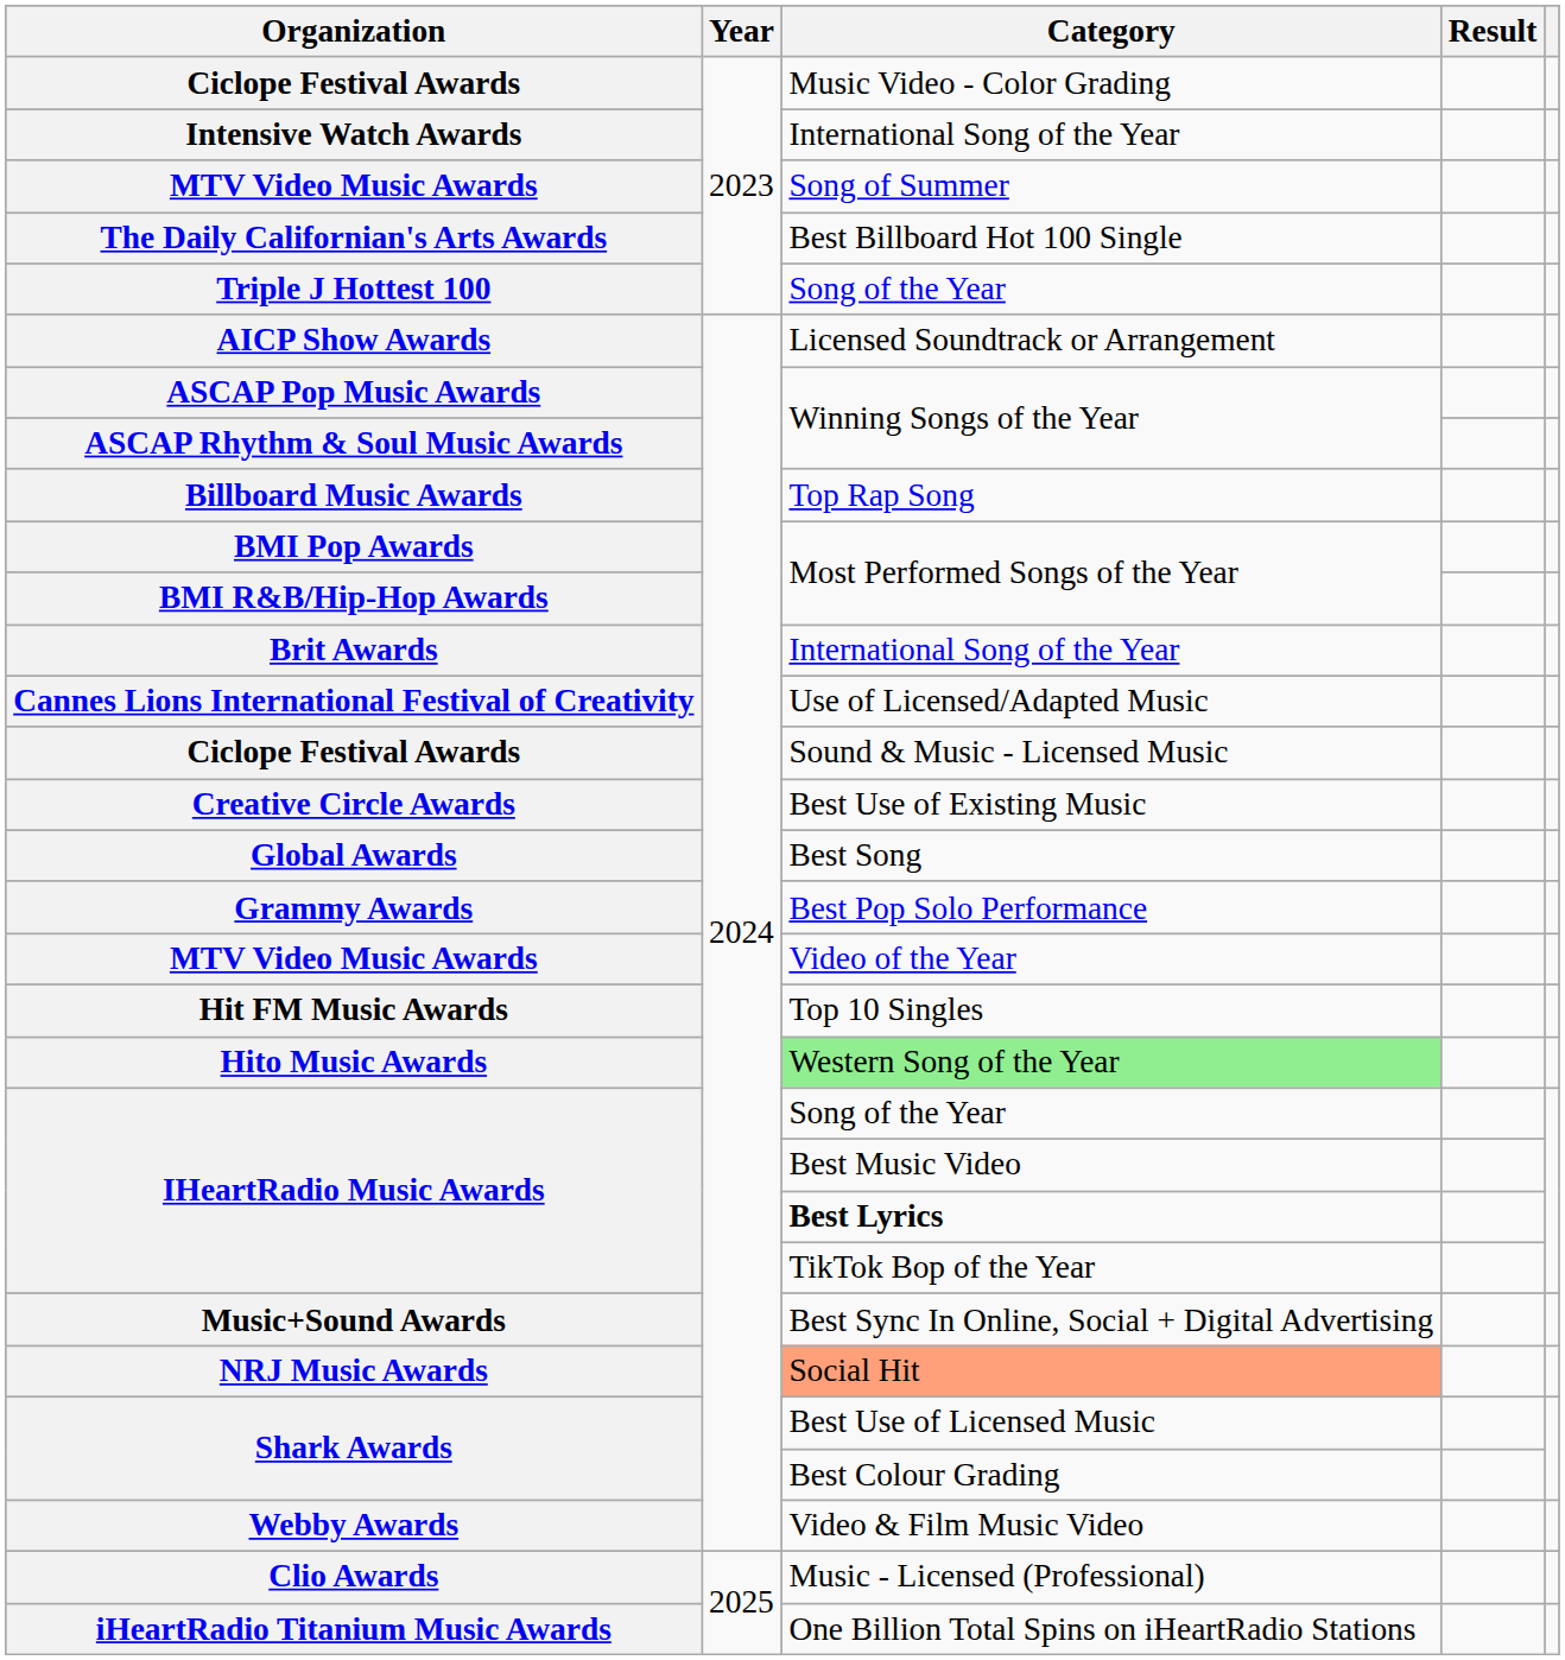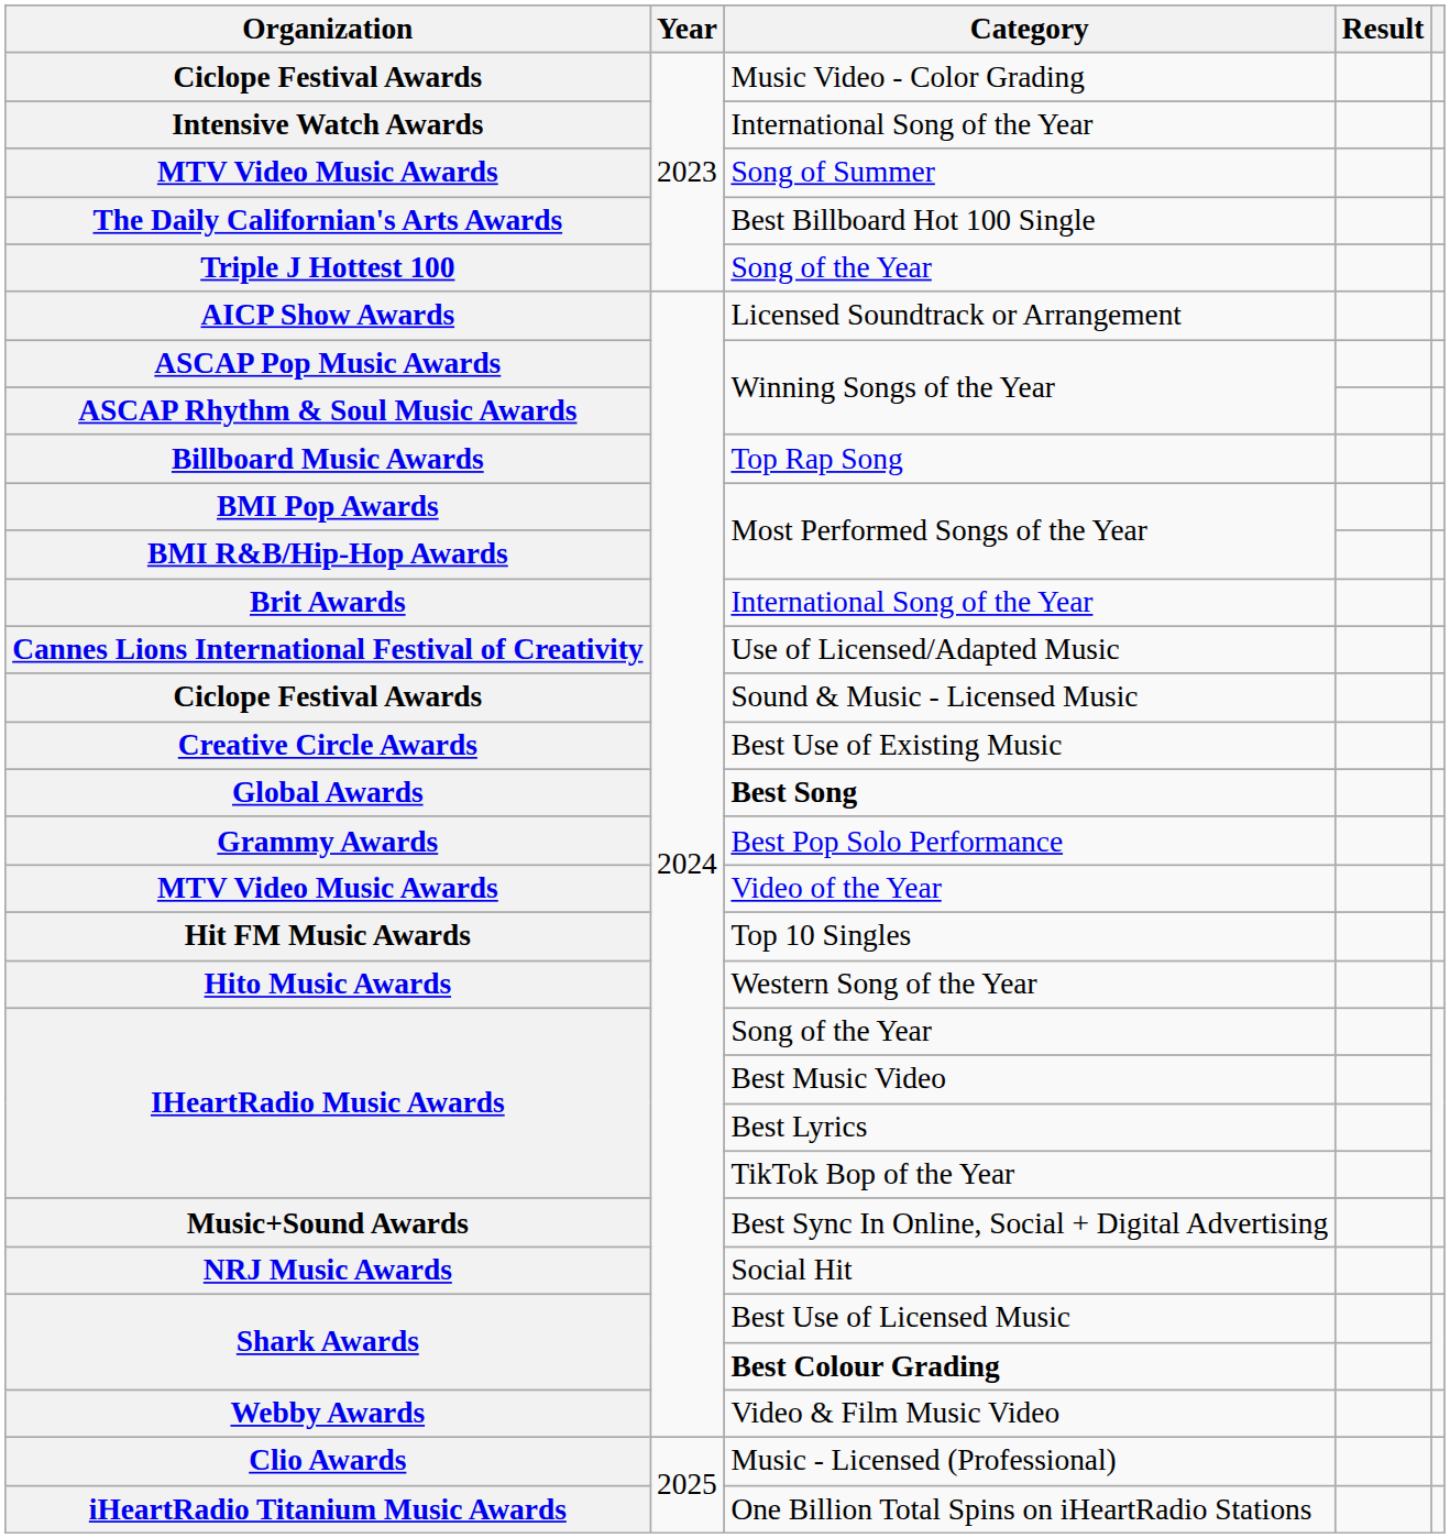 <table class="wikitable sortable plainrowheaders" style="border:none; margin:0;">
 <tr>
 <th scope="col">Organization</th>
 <th scope="col">Year</th>
 <th scope="col">Category</th>
 <th scope="col">Result</th>
 <th class="unsortable" scope="col"></th>
 </tr>
 <tr>
 <th scope="row">Ciclope Festival Awards</th>
 <td rowspan="5">2023</td>
 <td>Music Video - Color Grading</td>
 <td></td>
 <td></td>
 </tr>
 <tr>
 <th scope="row">Intensive Watch Awards</th>
 <td>International Song of the Year</td>
 <td></td>
 <td></td>
 </tr>
 <tr>
 <th scope="row"><a href='#'>MTV Video Music Awards</a></th>
 <td><a href='#'>Song of Summer</a></td>
 <td></td>
 <td></td>
 </tr>
 <tr>
 <th scope="row"><a href='#'>The Daily Californian's Arts Awards</a></th>
 <td>Best Billboard Hot 100 Single</td>
 <td></td>
 <td></td>
 </tr>
 <tr>
 <th scope="row"><a href='#'>Triple J Hottest 100</a></th>
 <td><a href='#'>Song of the Year</a></td>
 <td></td>
 <td></td>
 </tr>
 <tr>
 <th scope="row"><a href='#'>AICP Show Awards</a></th>
 <td rowspan="24">2024</td>
 <td>Licensed Soundtrack or Arrangement </td>
 <td></td>
 <td></td>
 </tr>
 <tr>
 <th scope="row"><a href='#'>ASCAP Pop Music Awards</a></th>
 <td rowspan="2">Winning Songs of the Year</td>
 <td></td>
 <td></td>
 </tr>
 <tr>
 <th scope="row"><a href='#'>ASCAP Rhythm & Soul Music Awards</a></th>
 <td></td>
 <td></td>
 </tr>
 <tr>
 <th scope="row"><a href='#'>Billboard Music Awards</a></th>
 <td><a href='#'>Top Rap Song</a></td>
 <td></td>
 <td></td>
 </tr>
 <tr>
 <th scope="row"><a href='#'>BMI Pop Awards</a></th>
 <td rowspan="2">Most Performed Songs of the Year</td>
 <td></td>
 <td></td>
 </tr>
 <tr>
 <th scope="row"><a href='#'>BMI R&B/Hip-Hop Awards</a></th>
 <td></td>
 <td></td>
 </tr>
 <tr>
 <th scope="row"><a href='#'>Brit Awards</a></th>
 <td><a href='#'>International Song of the Year</a></td>
 <td></td>
 <td></td>
 </tr>
 <tr>
 <th scope="row"><a href='#'>Cannes Lions International Festival of Creativity</a></th>
 <td>Use of Licensed/Adapted Music </td>
 <td></td>
 <td></td>
 </tr>
 <tr>
 <th scope="row">Ciclope Festival Awards</th>
 <td>Sound & Music - Licensed Music </td>
 <td></td>
 <td></td>
 </tr>
 <tr>
 <th scope="row"><a href='#'>Creative Circle Awards</a></th>
 <td>Best Use of Existing Music </td>
 <td></td>
 <td></td>
 </tr>
 <tr>
 <th scope="row"><a href='#'>Global Awards</a></th>
-<td>Best Song</td>
+<td><strong>Best Song</strong></td>
 <td></td>
 <td></td>
 </tr>
 <tr>
 <th scope="row"><a href='#'>Grammy Awards</a></th>
 <td><a href='#'>Best Pop Solo Performance</a></td>
 <td></td>
 <td></td>
 </tr>
 <tr>
 <th scope="row"><a href='#'>MTV Video Music Awards</a></th>
 <td><a href='#'>Video of the Year</a></td>
 <td></td>
 <td></td>
 </tr>
 <tr>
 <th scope="row">Hit FM Music Awards</th>
 <td>Top 10 Singles</td>
 <td></td>
 <td></td>
 </tr>
 <tr>
 <th scope="row"><a href='#'>Hito Music Awards</a></th>
-<td style="background: lightgreen;">Western Song of the Year</td>
+<td>Western Song of the Year</td>
 <td></td>
 <td></td>
 </tr>
 <tr>
 <th rowspan="4" scope="row"><a href='#'>IHeartRadio Music Awards</a></th>
 <td>Song of the Year</td>
 <td></td>
 <td rowspan="4"></td>
 </tr>
 <tr>
 <td>Best Music Video</td>
 <td></td>
 </tr>
 <tr>
-<td><strong>Best Lyrics</strong></td>
+<td>Best Lyrics</td>
 <td></td>
 </tr>
 <tr>
 <td>TikTok Bop of the Year</td>
 <td></td>
 </tr>
 <tr>
 <th scope="row">Music+Sound Awards</th>
 <td>Best Sync In Online, Social + Digital Advertising </td>
 <td></td>
 <td></td>
 </tr>
 <tr>
 <th scope="row"><a href='#'>NRJ Music Awards</a></th>
-<td style="background: lightsalmon;">Social Hit</td>
+<td>Social Hit</td>
 <td></td>
 <td></td>
 </tr>
 <tr>
 <th rowspan="2" scope="row"><a href='#'>Shark Awards</a></th>
 <td>Best Use of Licensed Music </td>
 <td></td>
 <td rowspan="2"></td>
 </tr>
 <tr>
-<td>Best Colour Grading</td>
+<td><strong>Best Colour Grading</strong></td>
 <td></td>
 </tr>
 <tr>
 <th scope="row"><a href='#'>Webby Awards</a></th>
 <td>Video & Film Music Video</td>
 <td></td>
 <td></td>
 </tr>
 <tr>
 <th scope="row"><a href='#'>Clio Awards</a></th>
 <td rowspan="2">2025</td>
 <td>Music - Licensed (Professional) </td>
 <td></td>
 <td></td>
 </tr>
 <tr>
 <th scope="row"><a href='#'>iHeartRadio Titanium Music Awards</a></th>
 <td>One Billion Total Spins on iHeartRadio Stations</td>
 <td></td>
 <td></td>
 </tr>
 </table>
